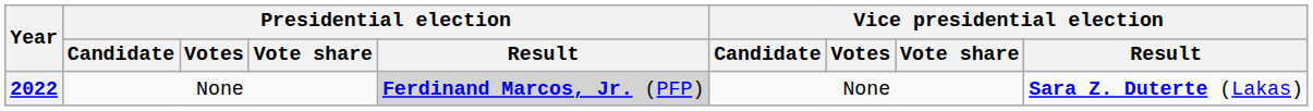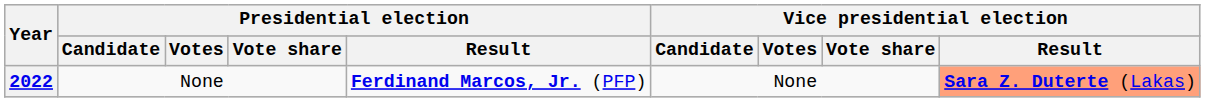 <table class="wikitable" style="text-align:center; font-size:90%">
 <tr>
 <th rowspan="2">Year</th>
 <th colspan="4">Presidential election</th>
 <th colspan="4">Vice presidential election</th>
 </tr>
 <tr>
 <th>Candidate</th>
 <th>Votes</th>
 <th>Vote share</th>
 <th>Result</th>
 <th>Candidate</th>
 <th>Votes</th>
 <th>Vote share</th>
 <th>Result</th>
 </tr>
 <tr>
 <th><a href='#'>2022</a></th>
 <td colspan="3">None</td>
-<td style="background: lightgrey;"><strong><a href='#'>Ferdinand Marcos, Jr.</a></strong> (<a href='#'>PFP</a>)</td>
+<td><strong><a href='#'>Ferdinand Marcos, Jr.</a></strong> (<a href='#'>PFP</a>)</td>
 <td colspan="3">None</td>
-<td><strong><a href='#'>Sara Z. Duterte</a></strong> (<a href='#'>Lakas</a>)</td>
+<td style="background: lightsalmon;"><strong><a href='#'>Sara Z. Duterte</a></strong> (<a href='#'>Lakas</a>)</td>
 </tr>
 </table>
